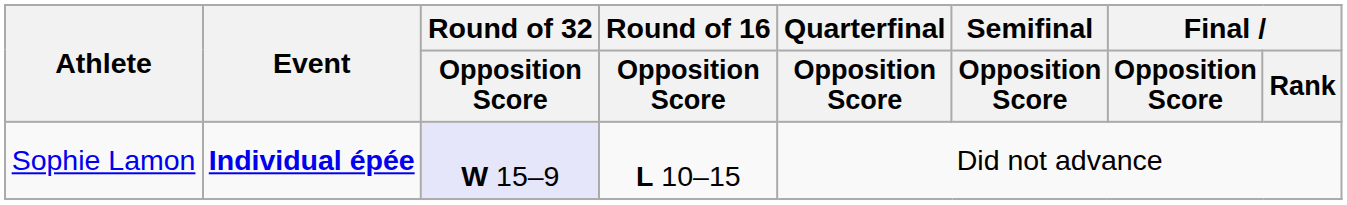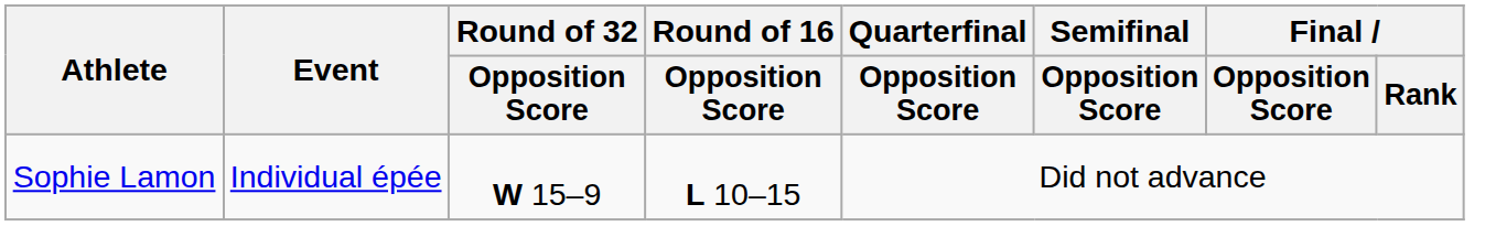 <table class="wikitable" style="font-size:90%">
 <tr>
 <th rowspan="2">Athlete</th>
 <th rowspan="2">Event</th>
 <th>Round of 32</th>
 <th>Round of 16</th>
 <th>Quarterfinal</th>
 <th>Semifinal</th>
 <th colspan=2>Final / </th>
 </tr>
 <tr style="font-size:95%">
 <th>Opposition <br> Score</th>
 <th>Opposition <br> Score</th>
 <th>Opposition <br> Score</th>
 <th>Opposition <br> Score</th>
 <th>Opposition <br> Score</th>
 <th>Rank</th>
 </tr>
 <tr align=center>
 <td align=left><a href='#'>Sophie Lamon</a></td>
-<td align=left><strong><a href='#'>Individual épée</a></strong></td>
-<td style="background: lavender;"><br><strong>W</strong> 15–9</td>
+<td align=left><a href='#'>Individual épée</a></td>
+<td><br><strong>W</strong> 15–9</td>
 <td><br><strong>L</strong> 10–15</td>
 <td colspan=4>Did not advance</td>
 </tr>
 </table>
